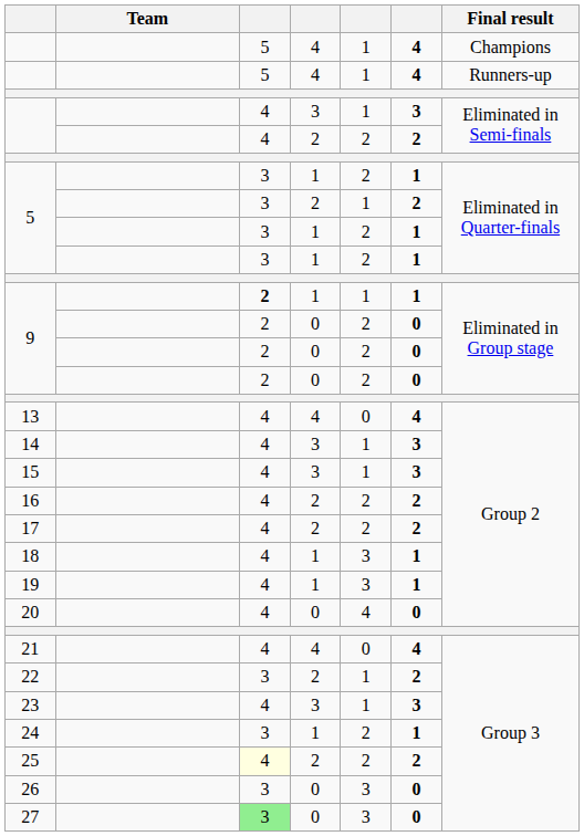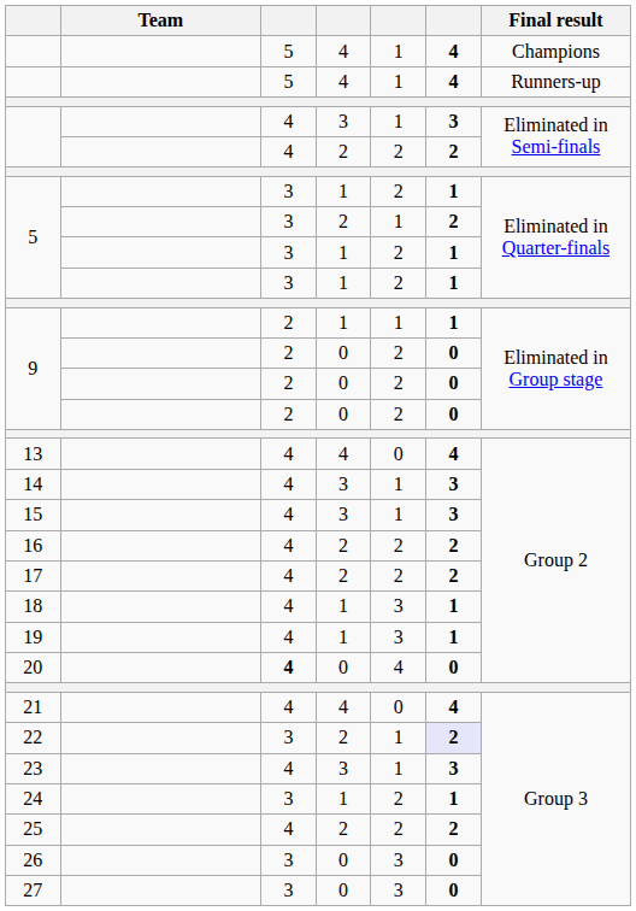 <table class=wikitable style="text-align:center;" width=520>
 <tr>
 <th width=5.5%></th>
 <th width=20%>Team</th>
 <th width=5.5%></th>
 <th width=5.5%></th>
 <th width=5.5%></th>
 <th width=5.5%></th>
 <th width=14%>Final result</th>
 </tr>
 <tr>
 <td></td>
 <td style="text-align:left;"></td>
 <td>5</td>
 <td>4</td>
 <td>1</td>
 <td><strong>4</strong></td>
 <td>Champions</td>
 </tr>
 <tr>
 <td></td>
 <td style="text-align:left;"></td>
 <td>5</td>
 <td>4</td>
 <td>1</td>
 <td><strong>4</strong></td>
 <td>Runners-up</td>
 </tr>
 <tr>
 <th colspan=7></th>
 </tr>
 <tr>
 <td rowspan=2></td>
 <td style="text-align:left;"></td>
 <td>4</td>
 <td>3</td>
 <td>1</td>
 <td><strong>3</strong></td>
 <td rowspan=2>Eliminated in <a href='#'>Semi-finals</a></td>
 </tr>
 <tr>
 <td style="text-align:left;"></td>
 <td>4</td>
 <td>2</td>
 <td>2</td>
 <td><strong>2</strong></td>
 </tr>
 <tr>
 <th colspan=7></th>
 </tr>
 <tr>
 <td rowspan=4>5</td>
 <td style="text-align:left;"></td>
 <td>3</td>
 <td>1</td>
 <td>2</td>
 <td><strong>1</strong></td>
 <td rowspan=4>Eliminated in <a href='#'>Quarter-finals</a></td>
 </tr>
 <tr>
 <td style="text-align:left;"></td>
 <td>3</td>
 <td>2</td>
 <td>1</td>
 <td><strong>2</strong></td>
 </tr>
 <tr>
 <td style="text-align:left;"></td>
 <td>3</td>
 <td>1</td>
 <td>2</td>
 <td><strong>1</strong></td>
 </tr>
 <tr>
 <td style="text-align:left;"></td>
 <td>3</td>
 <td>1</td>
 <td>2</td>
 <td><strong>1</strong></td>
 </tr>
 <tr>
 <th colspan=7></th>
 </tr>
 <tr>
 <td rowspan=4>9</td>
 <td style="text-align:left;"></td>
-<td><strong>2</strong></td>
+<td>2</td>
 <td>1</td>
 <td>1</td>
 <td><strong>1</strong></td>
 <td rowspan=4>Eliminated in <a href='#'>Group stage</a></td>
 </tr>
 <tr>
 <td style="text-align:left;"></td>
 <td>2</td>
 <td>0</td>
 <td>2</td>
 <td><strong>0</strong></td>
 </tr>
 <tr>
 <td style="text-align:left;"></td>
 <td>2</td>
 <td>0</td>
 <td>2</td>
 <td><strong>0</strong></td>
 </tr>
 <tr>
 <td style="text-align:left;"></td>
 <td>2</td>
 <td>0</td>
 <td>2</td>
 <td><strong>0</strong></td>
 </tr>
 <tr>
 <th colspan=7></th>
 </tr>
 <tr>
 <td>13</td>
 <td style="text-align:left;"></td>
 <td>4</td>
 <td>4</td>
 <td>0</td>
 <td><strong>4</strong></td>
 <td rowspan=8>Group 2</td>
 </tr>
 <tr>
 <td>14</td>
 <td style="text-align:left;"></td>
 <td>4</td>
 <td>3</td>
 <td>1</td>
 <td><strong>3</strong></td>
 </tr>
 <tr>
 <td>15</td>
 <td style="text-align:left;"></td>
 <td>4</td>
 <td>3</td>
 <td>1</td>
 <td><strong>3</strong></td>
 </tr>
 <tr>
 <td>16</td>
 <td style="text-align:left;"></td>
 <td>4</td>
 <td>2</td>
 <td>2</td>
 <td><strong>2</strong></td>
 </tr>
 <tr>
 <td>17</td>
 <td style="text-align:left;"></td>
 <td>4</td>
 <td>2</td>
 <td>2</td>
 <td><strong>2</strong></td>
 </tr>
 <tr>
 <td>18</td>
 <td style="text-align:left;"></td>
 <td>4</td>
 <td>1</td>
 <td>3</td>
 <td><strong>1</strong></td>
 </tr>
 <tr>
 <td>19</td>
 <td style="text-align:left;"></td>
 <td>4</td>
 <td>1</td>
 <td>3</td>
 <td><strong>1</strong></td>
 </tr>
 <tr>
 <td>20</td>
 <td style="text-align:left;"></td>
-<td>4</td>
+<td><strong>4</strong></td>
 <td>0</td>
 <td>4</td>
 <td><strong>0</strong></td>
 </tr>
 <tr>
 <th colspan=7></th>
 </tr>
 <tr>
 <td>21</td>
 <td style="text-align:left;"></td>
 <td>4</td>
 <td>4</td>
 <td>0</td>
 <td><strong>4</strong></td>
 <td rowspan=7>Group 3</td>
 </tr>
 <tr>
 <td>22</td>
 <td style="text-align:left;"></td>
 <td>3</td>
 <td>2</td>
 <td>1</td>
-<td><strong>2</strong></td>
+<td style="background: lavender;"><strong>2</strong></td>
 </tr>
 <tr>
 <td>23</td>
 <td style="text-align:left;"></td>
 <td>4</td>
 <td>3</td>
 <td>1</td>
 <td><strong>3</strong></td>
 </tr>
 <tr>
 <td>24</td>
 <td style="text-align:left;"></td>
 <td>3</td>
 <td>1</td>
 <td>2</td>
 <td><strong>1</strong></td>
 </tr>
 <tr>
 <td>25</td>
 <td style="text-align:left;"></td>
-<td style="background: lightyellow;">4</td>
+<td>4</td>
 <td>2</td>
 <td>2</td>
 <td><strong>2</strong></td>
 </tr>
 <tr>
 <td>26</td>
 <td style="text-align:left;"></td>
 <td>3</td>
 <td>0</td>
 <td>3</td>
 <td><strong>0</strong></td>
 </tr>
 <tr>
 <td>27</td>
 <td style="text-align:left;"></td>
-<td style="background: lightgreen;">3</td>
+<td>3</td>
 <td>0</td>
 <td>3</td>
 <td><strong>0</strong></td>
 </tr>
 </table>
